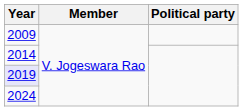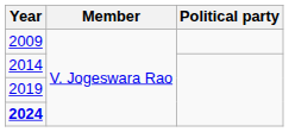 <table class="wikitable sortable">
 <tr>
 <th>Year</th>
 <th>Member</th>
 <th colspan="2">Political party</th>
 </tr>
 <tr>
 <td><a href='#'>2009</a></td>
 <td rowspan=4><a href='#'>V. Jogeswara Rao</a></td>
 <td></td>
 </tr>
 <tr>
 <td><a href='#'>2014</a></td>
 </tr>
 <tr>
-<td style="background: lavender;"><a href='#'>2019</a></td>
+<td><a href='#'>2019</a></td>
 </tr>
 <tr>
-<td><a href='#'>2024</a></td>
+<td><strong><a href='#'>2024</a></strong></td>
 </tr>
 </table>
